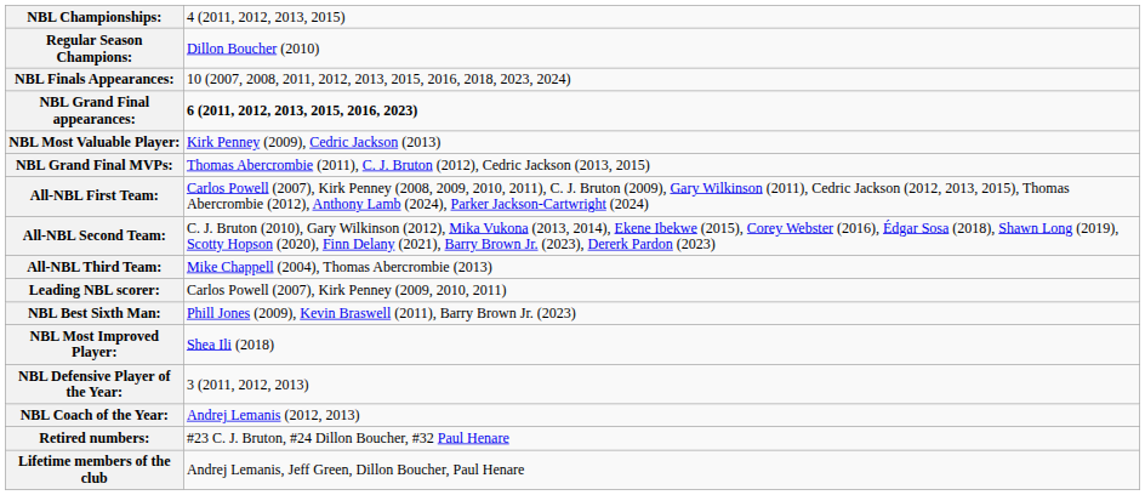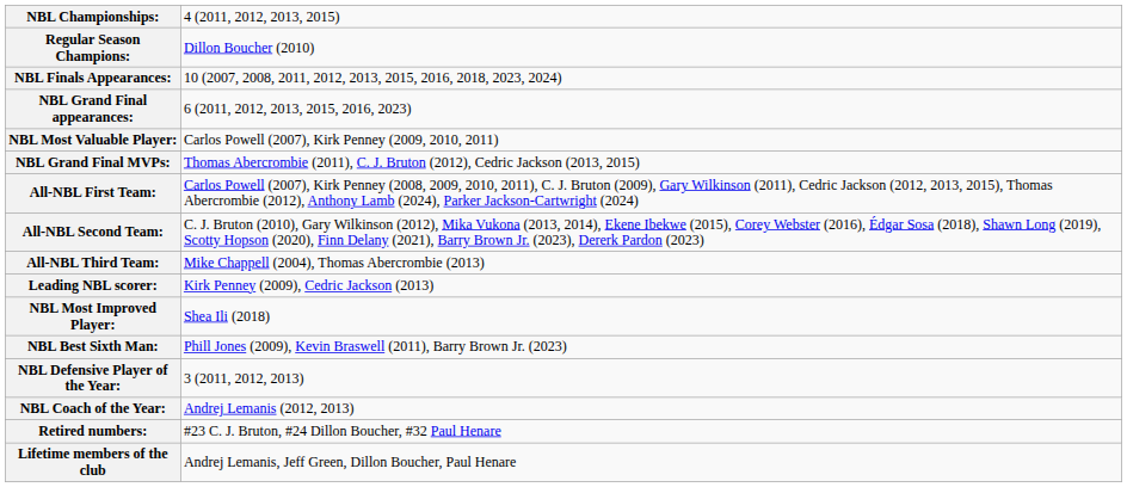 <table class="wikitable">
 <tr align=left>
 <th>NBL Championships:</th>
 <td>4 (2011, 2012, 2013, 2015)</td>
 </tr>
 <tr>
 <th>Regular Season Champions:</th>
 <td><a href='#'>Dillon Boucher</a> (2010)</td>
 </tr>
 <tr>
 <th>NBL Finals Appearances:</th>
 <td>10 (2007, 2008, 2011, 2012, 2013, 2015, 2016, 2018, 2023, 2024)</td>
 </tr>
 <tr>
 <th>NBL Grand Final appearances:</th>
-<td><strong>6 (2011, 2012, 2013, 2015, 2016, 2023)</strong></td>
+<td>6 (2011, 2012, 2013, 2015, 2016, 2023)</td>
 </tr>
 <tr>
 <th>NBL Most Valuable Player:</th>
-<td><a href='#'>Kirk Penney</a> (2009), <a href='#'>Cedric Jackson</a> (2013)</td>
+<td>Carlos Powell (2007), Kirk Penney (2009, 2010, 2011)</td>
 </tr>
 <tr>
 <th>NBL Grand Final MVPs:</th>
 <td><a href='#'>Thomas Abercrombie</a> (2011), <a href='#'>C. J. Bruton</a> (2012), Cedric Jackson (2013, 2015)</td>
 </tr>
 <tr>
 <th>All-NBL First Team:</th>
 <td><a href='#'>Carlos Powell</a> (2007), Kirk Penney (2008, 2009, 2010, 2011), C. J. Bruton (2009), <a href='#'>Gary Wilkinson</a> (2011), Cedric Jackson (2012, 2013, 2015), Thomas Abercrombie (2012), <a href='#'>Anthony Lamb</a> (2024), <a href='#'>Parker Jackson-Cartwright</a> (2024)</td>
 </tr>
 <tr>
 <th>All-NBL Second Team:</th>
 <td>C. J. Bruton (2010), Gary Wilkinson (2012), <a href='#'>Mika Vukona</a> (2013, 2014), <a href='#'>Ekene Ibekwe</a> (2015), <a href='#'>Corey Webster</a> (2016), <a href='#'>Édgar Sosa</a> (2018), <a href='#'>Shawn Long</a> (2019), <a href='#'>Scotty Hopson</a> (2020), <a href='#'>Finn Delany</a> (2021), <a href='#'>Barry Brown Jr.</a> (2023), <a href='#'>Dererk Pardon</a> (2023)</td>
 </tr>
 <tr>
 <th>All-NBL Third Team:</th>
 <td><a href='#'>Mike Chappell</a> (2004), Thomas Abercrombie (2013)</td>
 </tr>
 <tr>
 <th>Leading NBL scorer:</th>
-<td>Carlos Powell (2007), Kirk Penney (2009, 2010, 2011)</td>
+<td><a href='#'>Kirk Penney</a> (2009), <a href='#'>Cedric Jackson</a> (2013)</td>
+</tr>
+<tr>
+<th>NBL Most Improved Player:</th>
+<td><a href='#'>Shea Ili</a> (2018)</td>
 </tr>
 <tr>
 <th>NBL Best Sixth Man:</th>
 <td><a href='#'>Phill Jones</a> (2009), <a href='#'>Kevin Braswell</a> (2011), Barry Brown Jr. (2023)</td>
-</tr>
-<tr>
-<th>NBL Most Improved Player:</th>
-<td><a href='#'>Shea Ili</a> (2018)</td>
 </tr>
 <tr>
 <th>NBL Defensive Player of the Year:</th>
 <td>3 (2011, 2012, 2013)</td>
 </tr>
 <tr>
 <th>NBL Coach of the Year:</th>
 <td><a href='#'>Andrej Lemanis</a> (2012, 2013)</td>
 </tr>
 <tr>
 <th>Retired numbers:</th>
 <td>#23 C. J. Bruton, #24 Dillon Boucher, #32 <a href='#'>Paul Henare</a></td>
 </tr>
 <tr>
 <th>Lifetime members of the club</th>
 <td>Andrej Lemanis, Jeff Green, Dillon Boucher, Paul Henare</td>
 </tr>
 </table>
